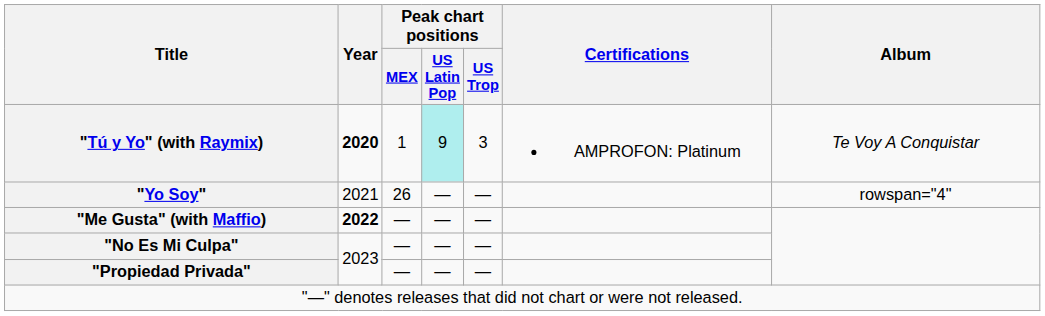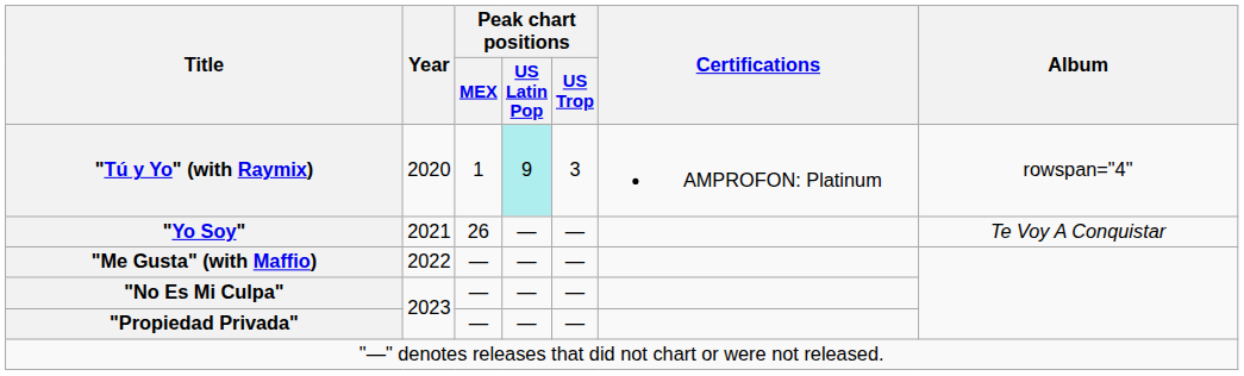 <table class="wikitable plainrowheaders" style="text-align:center;">
 <tr>
 <th scope="col" rowspan="2" style="width:20em;">Title</th>
 <th scope="col" rowspan="2">Year</th>
 <th scope="col" colspan="3">Peak chart positions</th>
 <th scope="col" rowspan="2" style="width:16em;"><a href='#'>Certifications</a></th>
 <th scope="col" rowspan="2" style="width:16em;">Album</th>
 </tr>
 <tr>
 <th scope="col" style="width:2.2em;font-size:90%;"><a href='#'>MEX</a><br></th>
 <th scope="col" style="width:2.2em;font-size:90%;"><a href='#'>US<br>Latin Pop</a><br></th>
 <th scope="col" style="width:2.2em;font-size:90%;"><a href='#'>US<br>Trop</a><br></th>
 </tr>
 <tr>
 <th scope="row">"<a href='#'>Tú y Yo</a>" <span>(with <a href='#'>Raymix</a>)</span></th>
-<td><strong>2020</strong></td>
+<td>2020</td>
 <td>1</td>
 <td style="background: paleturquoise;">9</td>
 <td>3</td>
 <td><br><ul><li>AMPROFON: Platinum</li></ul></td>
-<td><em>Te Voy A Conquistar</em></td>
+<td>rowspan="4" </td>
 </tr>
 <tr>
 <th scope="row">"<a href='#'>Yo Soy</a>"</th>
 <td>2021</td>
 <td>26</td>
 <td>—</td>
 <td>—</td>
 <td></td>
-<td>rowspan="4" </td>
+<td><em>Te Voy A Conquistar</em></td>
 </tr>
 <tr>
 <th scope="row">"Me Gusta" <span>(with <a href='#'>Maffio</a>)</span></th>
-<td><strong>2022</strong></td>
+<td>2022</td>
 <td>—</td>
 <td>—</td>
 <td>—</td>
 <td></td>
 </tr>
 <tr>
 <th scope="row">"No Es Mi Culpa"</th>
 <td rowspan="2">2023</td>
 <td>—</td>
 <td>—</td>
 <td>—</td>
 <td></td>
 </tr>
 <tr>
 <th scope="row">"Propiedad Privada"</th>
 <td>—</td>
 <td>—</td>
 <td>—</td>
 <td></td>
 </tr>
 <tr>
 <td colspan="20">"—" denotes releases that did not chart or were not released.</td>
 </tr>
 </table>
